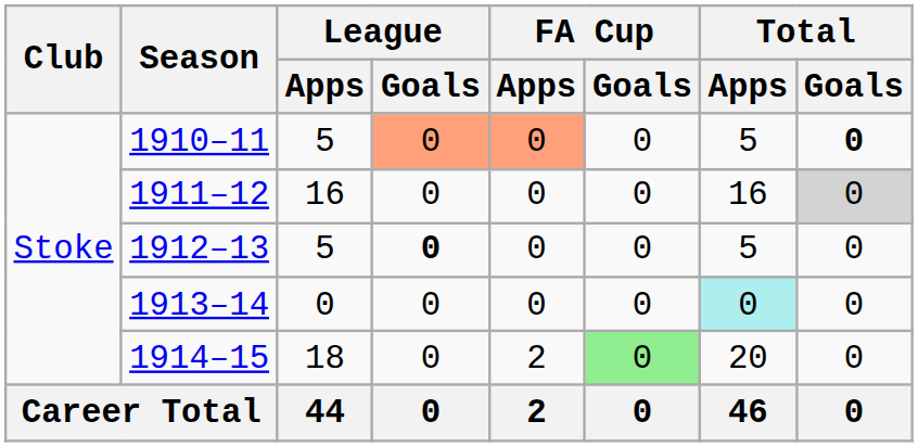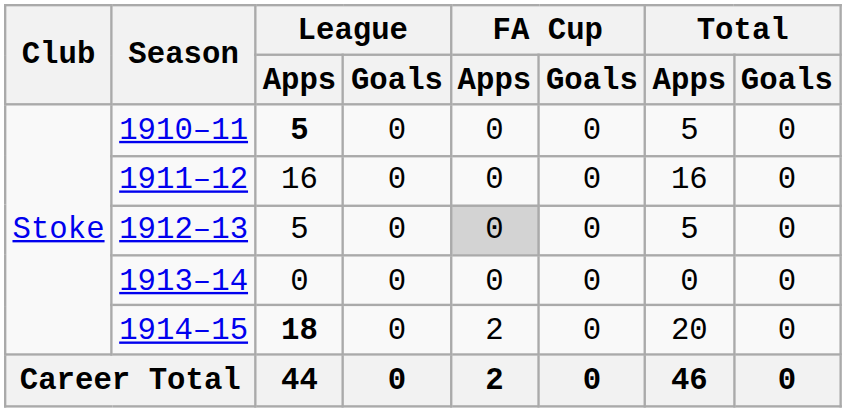 <table class="wikitable" style="text-align: center;">
 <tr>
 <th rowspan="2">Club</th>
 <th rowspan="2">Season</th>
 <th colspan="2">League</th>
 <th colspan="2">FA Cup</th>
 <th colspan="2">Total</th>
 </tr>
 <tr>
 <th>Apps</th>
 <th>Goals</th>
 <th>Apps</th>
 <th>Goals</th>
 <th>Apps</th>
 <th>Goals</th>
 </tr>
 <tr>
 <td rowspan="5"><a href='#'>Stoke</a></td>
 <td><a href='#'>1910–11</a></td>
-<td>5</td>
-<td style="background: lightsalmon;">0</td>
-<td style="background: lightsalmon;">0</td>
+<td><strong>5</strong></td>
+<td>0</td>
+<td>0</td>
 <td>0</td>
 <td>5</td>
-<td><strong>0</strong></td>
+<td>0</td>
 </tr>
 <tr>
 <td><a href='#'>1911–12</a></td>
 <td>16</td>
 <td>0</td>
 <td>0</td>
 <td>0</td>
 <td>16</td>
-<td style="background: lightgrey;">0</td>
+<td>0</td>
 </tr>
 <tr>
 <td><a href='#'>1912–13</a></td>
 <td>5</td>
-<td><strong>0</strong></td>
 <td>0</td>
+<td style="background: lightgrey;">0</td>
 <td>0</td>
 <td>5</td>
 <td>0</td>
 </tr>
 <tr>
 <td><a href='#'>1913–14</a></td>
 <td>0</td>
 <td>0</td>
 <td>0</td>
 <td>0</td>
-<td style="background: paleturquoise;">0</td>
+<td>0</td>
 <td>0</td>
 </tr>
 <tr>
 <td><a href='#'>1914–15</a></td>
-<td>18</td>
+<td><strong>18</strong></td>
 <td>0</td>
 <td>2</td>
-<td style="background: lightgreen;">0</td>
+<td>0</td>
 <td>20</td>
 <td>0</td>
 </tr>
 <tr>
 <th colspan="2">Career Total</th>
 <th>44</th>
 <th>0</th>
 <th>2</th>
 <th>0</th>
 <th>46</th>
 <th>0</th>
 </tr>
 </table>
